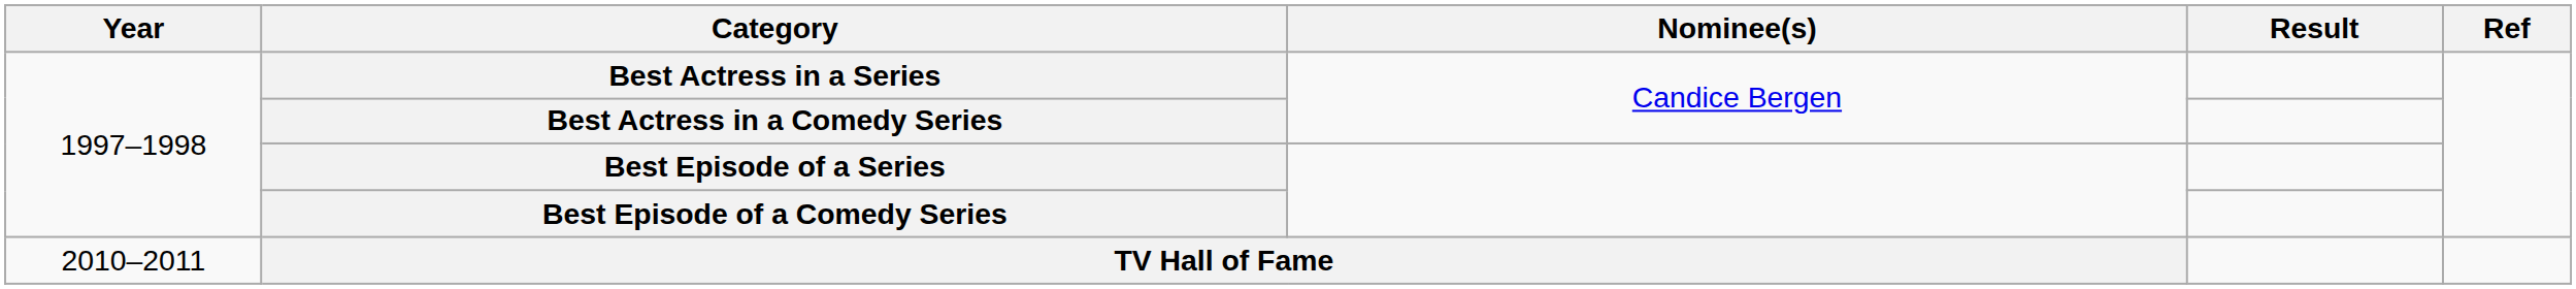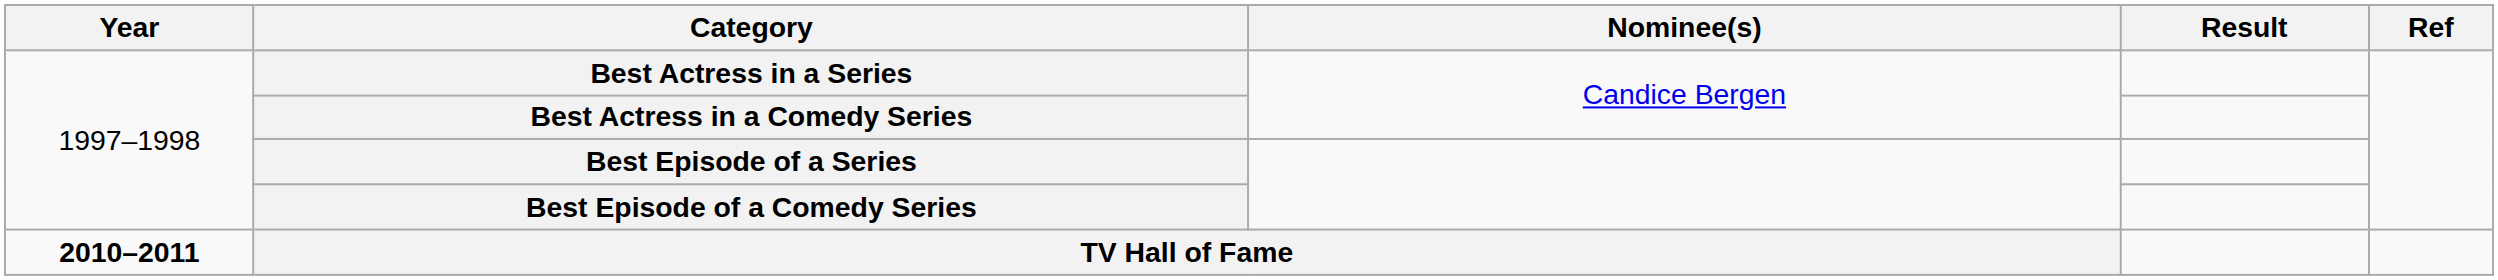 <table class="wikitable plainrowheaders" style="font-size: 90%; text-align:center" width=100%>
 <tr>
 <th scope="col" width="10%">Year</th>
 <th scope="col" width="40%">Category</th>
 <th scope="col" width="35%">Nominee(s)</th>
 <th scope="col" width="10%">Result</th>
 <th scope="col" width="5%">Ref</th>
 </tr>
 <tr>
 <td rowspan="4">1997–1998</td>
 <th scope="row" style="text-align:center">Best Actress in a Series</th>
 <td rowspan="2"><a href='#'>Candice Bergen</a></td>
 <td></td>
 <td rowspan="4"></td>
 </tr>
 <tr>
 <th scope="row" style="text-align:center">Best Actress in a Comedy Series</th>
 <td></td>
 </tr>
 <tr>
 <th scope="row" style="text-align:center">Best Episode of a Series</th>
 <td rowspan="2"></td>
 <td></td>
 </tr>
 <tr>
 <th scope="row" style="text-align:center">Best Episode of a Comedy Series</th>
 <td></td>
 </tr>
 <tr>
-<td>2010–2011</td>
+<td><strong>2010–2011</strong></td>
 <th scope="row" style="text-align:center" colspan="2">TV Hall of Fame</th>
 <td></td>
 <td></td>
 </tr>
 </table>
